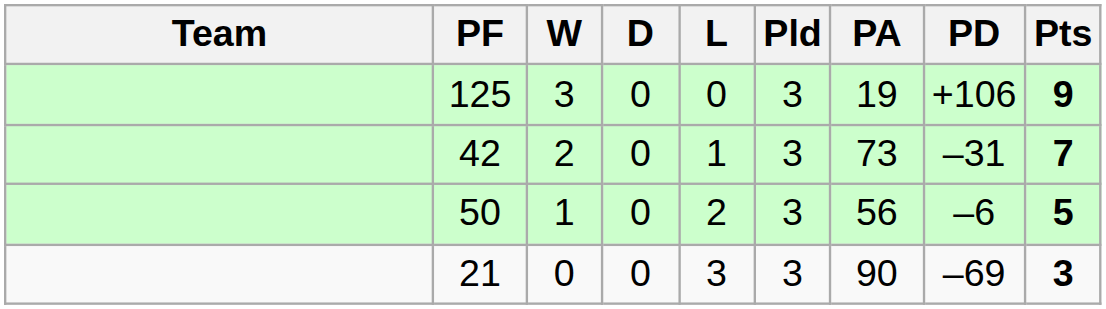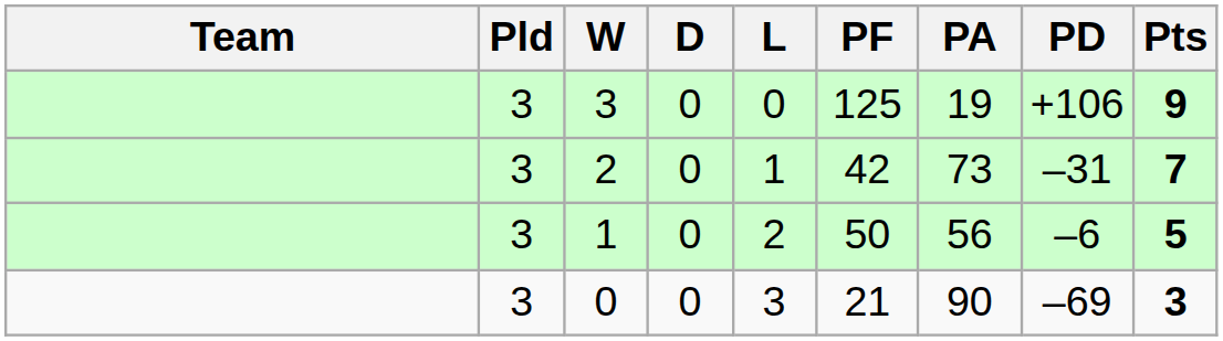 <table class="wikitable" style="text-align:center;">
 <tr>
 <th width=175>Team</th>
-<th width=32 abbr="Points for">PF</th>
+<th width=25 abbr="Played">Pld</th>
 <th width=25 abbr="Won">W</th>
 <th width=25 abbr="Drawn">D</th>
 <th width=25 abbr="Lost">L</th>
-<th width=25 abbr="Played">Pld</th>
+<th width=32 abbr="Points for">PF</th>
 <th width=32 abbr="Points against">PA</th>
 <th width=32 abbr="Points difference">PD</th>
 <th width=25 abbr="Points">Pts</th>
 </tr>
 <tr bgcolor=ccffcc>
 <td align=left></td>
-<td>125</td>
+<td>3</td>
 <td>3</td>
 <td>0</td>
 <td>0</td>
-<td>3</td>
+<td>125</td>
 <td>19</td>
 <td>+106</td>
 <td><strong>9</strong></td>
 </tr>
 <tr bgcolor=ccffcc>
 <td align=left></td>
-<td>42</td>
+<td>3</td>
 <td>2</td>
 <td>0</td>
 <td>1</td>
-<td>3</td>
+<td>42</td>
 <td>73</td>
 <td>–31</td>
 <td><strong>7</strong></td>
 </tr>
 <tr bgcolor=ccffcc>
 <td align=left></td>
-<td>50</td>
+<td>3</td>
 <td>1</td>
 <td>0</td>
 <td>2</td>
-<td>3</td>
+<td>50</td>
 <td>56</td>
 <td>–6</td>
 <td><strong>5</strong></td>
 </tr>
 <tr>
 <td align=left></td>
-<td>21</td>
+<td>3</td>
 <td>0</td>
 <td>0</td>
 <td>3</td>
-<td>3</td>
+<td>21</td>
 <td>90</td>
 <td>–69</td>
 <td><strong>3</strong></td>
 </tr>
 </table>
